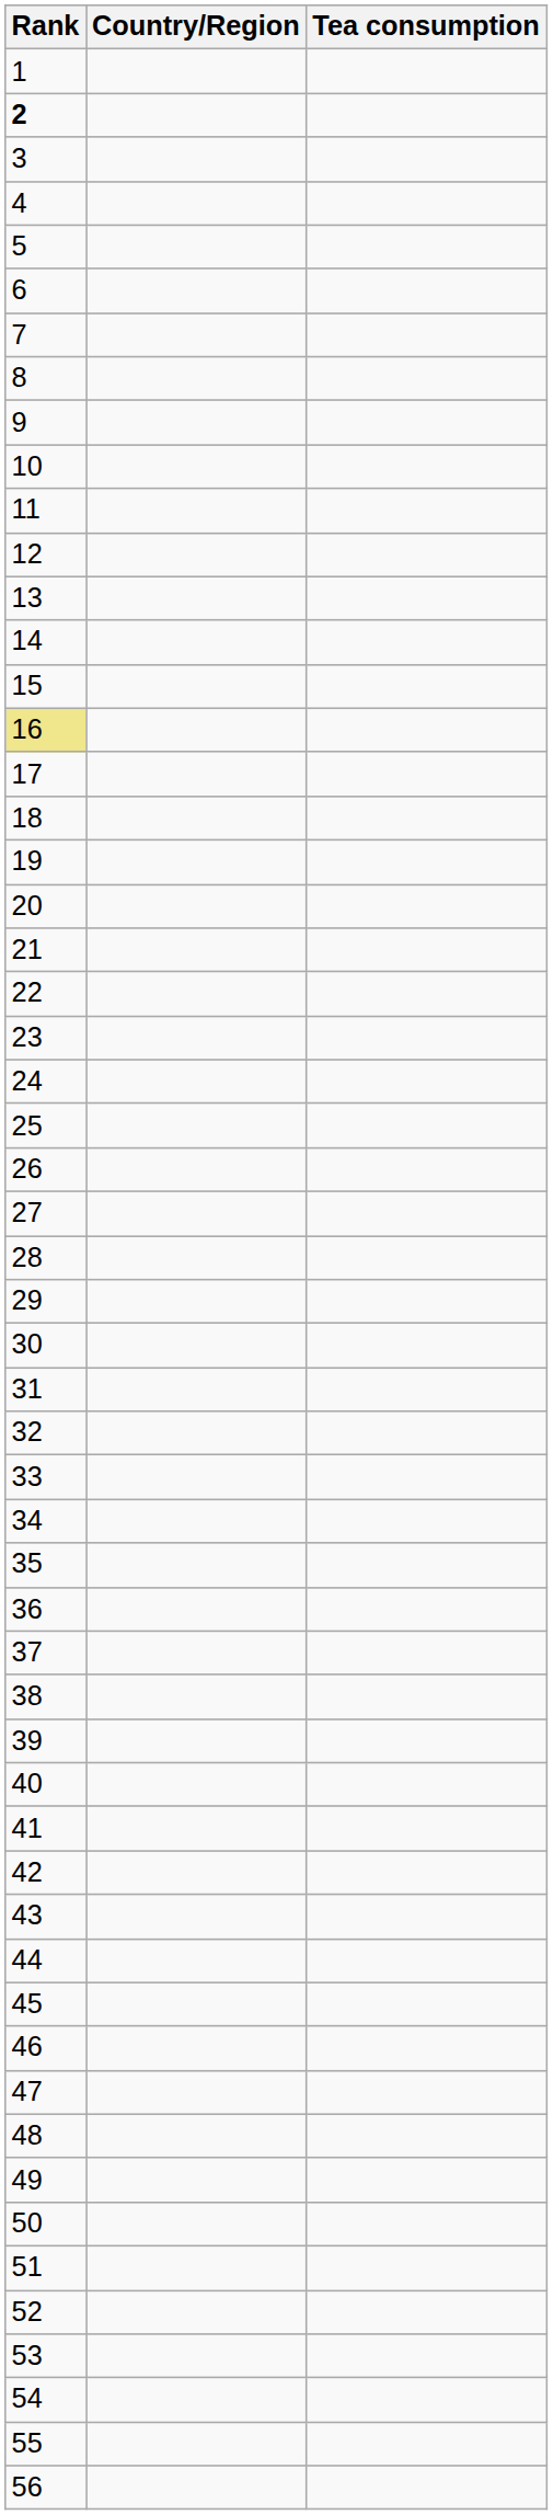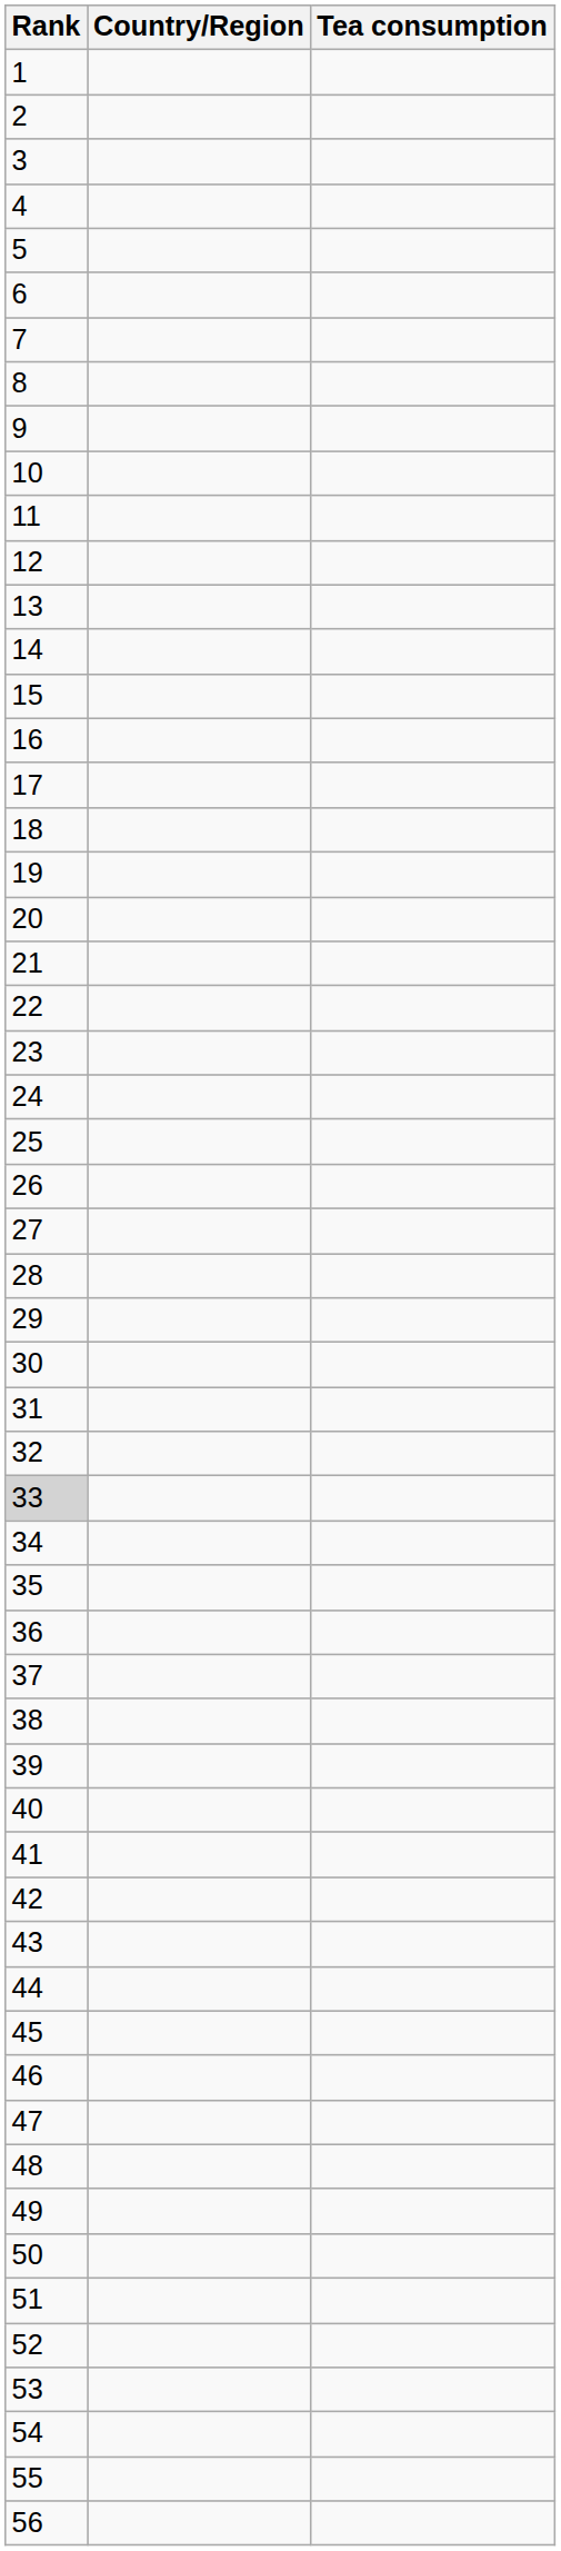 <table class="wikitable sortable">
 <tr>
 <th>Rank</th>
 <th>Country/Region</th>
 <th>Tea consumption</th>
 </tr>
 <tr>
 <td>1</td>
 <td></td>
 <td></td>
 </tr>
 <tr>
-<td><strong>2</strong></td>
+<td>2</td>
 <td></td>
 <td></td>
 </tr>
 <tr>
 <td>3</td>
 <td></td>
 <td></td>
 </tr>
 <tr>
 <td>4</td>
 <td></td>
 <td></td>
 </tr>
 <tr>
 <td>5</td>
 <td></td>
 <td></td>
 </tr>
 <tr>
 <td>6</td>
 <td></td>
 <td></td>
 </tr>
 <tr>
 <td>7</td>
 <td></td>
 <td></td>
 </tr>
 <tr>
 <td>8</td>
 <td></td>
 <td></td>
 </tr>
 <tr>
 <td>9</td>
 <td></td>
 <td></td>
 </tr>
 <tr>
 <td>10</td>
 <td></td>
 <td></td>
 </tr>
 <tr>
 <td>11</td>
 <td></td>
 <td></td>
 </tr>
 <tr>
 <td>12</td>
 <td></td>
 <td></td>
 </tr>
 <tr>
 <td>13</td>
 <td></td>
 <td></td>
 </tr>
 <tr>
 <td>14</td>
 <td></td>
 <td></td>
 </tr>
 <tr>
 <td>15</td>
 <td></td>
 <td></td>
 </tr>
 <tr>
-<td style="background: khaki;">16</td>
+<td>16</td>
 <td></td>
 <td></td>
 </tr>
 <tr>
 <td>17</td>
 <td></td>
 <td></td>
 </tr>
 <tr>
 <td>18</td>
 <td></td>
 <td></td>
 </tr>
 <tr>
 <td>19</td>
 <td></td>
 <td></td>
 </tr>
 <tr>
 <td>20</td>
 <td></td>
 <td></td>
 </tr>
 <tr>
 <td>21</td>
 <td></td>
 <td></td>
 </tr>
 <tr>
 <td>22</td>
 <td></td>
 <td></td>
 </tr>
 <tr>
 <td>23</td>
 <td></td>
 <td></td>
 </tr>
 <tr>
 <td>24</td>
 <td></td>
 <td></td>
 </tr>
 <tr>
 <td>25</td>
 <td></td>
 <td></td>
 </tr>
 <tr>
 <td>26</td>
 <td></td>
 <td></td>
 </tr>
 <tr>
 <td>27</td>
 <td></td>
 <td></td>
 </tr>
 <tr>
 <td>28</td>
 <td></td>
 <td></td>
 </tr>
 <tr>
 <td>29</td>
 <td></td>
 <td></td>
 </tr>
 <tr>
 <td>30</td>
 <td></td>
 <td></td>
 </tr>
 <tr>
 <td>31</td>
 <td></td>
 <td></td>
 </tr>
 <tr>
 <td>32</td>
 <td></td>
 <td></td>
 </tr>
 <tr>
-<td>33</td>
+<td style="background: lightgrey;">33</td>
 <td></td>
 <td></td>
 </tr>
 <tr>
 <td>34</td>
 <td></td>
 <td></td>
 </tr>
 <tr>
 <td>35</td>
 <td></td>
 <td></td>
 </tr>
 <tr>
 <td>36</td>
 <td></td>
 <td></td>
 </tr>
 <tr>
 <td>37</td>
 <td></td>
 <td></td>
 </tr>
 <tr>
 <td>38</td>
 <td></td>
 <td></td>
 </tr>
 <tr>
 <td>39</td>
 <td></td>
 <td></td>
 </tr>
 <tr>
 <td>40</td>
 <td></td>
 <td></td>
 </tr>
 <tr>
 <td>41</td>
 <td></td>
 <td></td>
 </tr>
 <tr>
 <td>42</td>
 <td></td>
 <td></td>
 </tr>
 <tr>
 <td>43</td>
 <td></td>
 <td></td>
 </tr>
 <tr>
 <td>44</td>
 <td></td>
 <td></td>
 </tr>
 <tr>
 <td>45</td>
 <td></td>
 <td></td>
 </tr>
 <tr>
 <td>46</td>
 <td></td>
 <td></td>
 </tr>
 <tr>
 <td>47</td>
 <td></td>
 <td></td>
 </tr>
 <tr>
 <td>48</td>
 <td></td>
 <td></td>
 </tr>
 <tr>
 <td>49</td>
 <td></td>
 <td></td>
 </tr>
 <tr>
 <td>50</td>
 <td></td>
 <td></td>
 </tr>
 <tr>
 <td>51</td>
 <td></td>
 <td></td>
 </tr>
 <tr>
 <td>52</td>
 <td></td>
 <td></td>
 </tr>
 <tr>
 <td>53</td>
 <td></td>
 <td></td>
 </tr>
 <tr>
 <td>54</td>
 <td></td>
 <td></td>
 </tr>
 <tr>
 <td>55</td>
 <td></td>
 <td></td>
 </tr>
 <tr>
 <td>56</td>
 <td></td>
 <td></td>
 </tr>
 </table>
